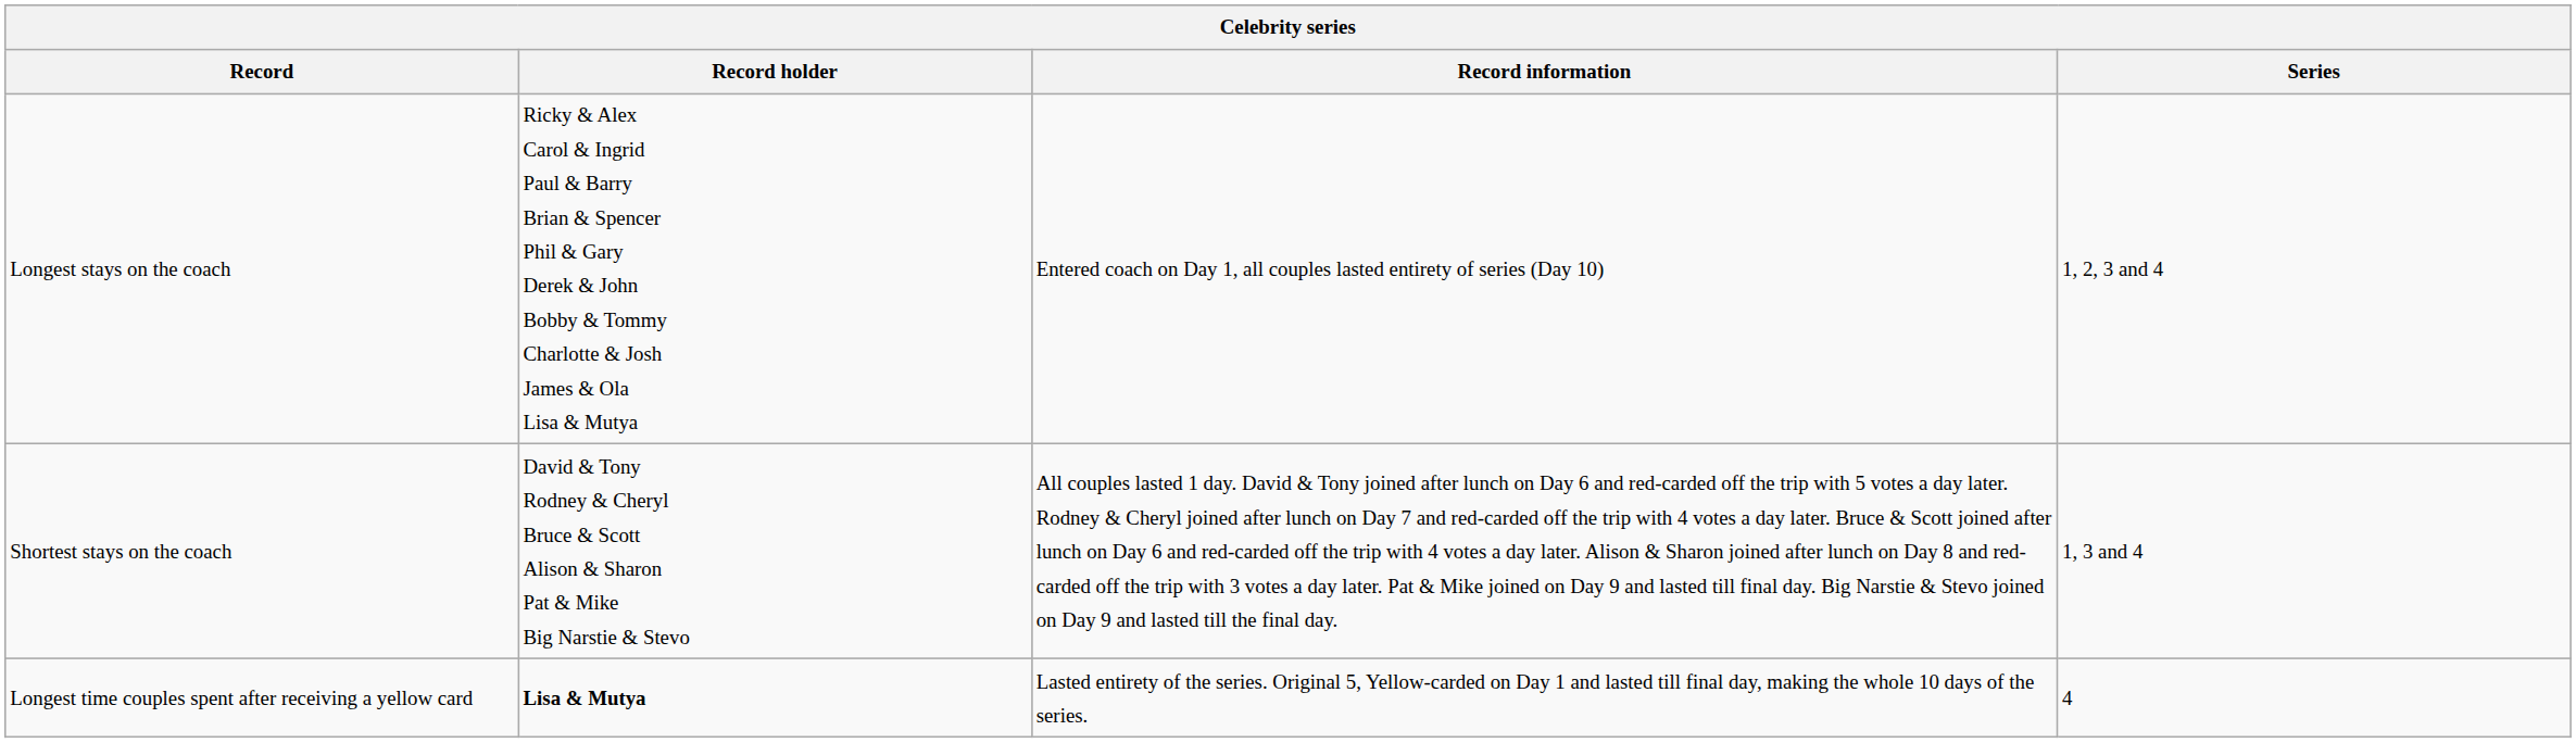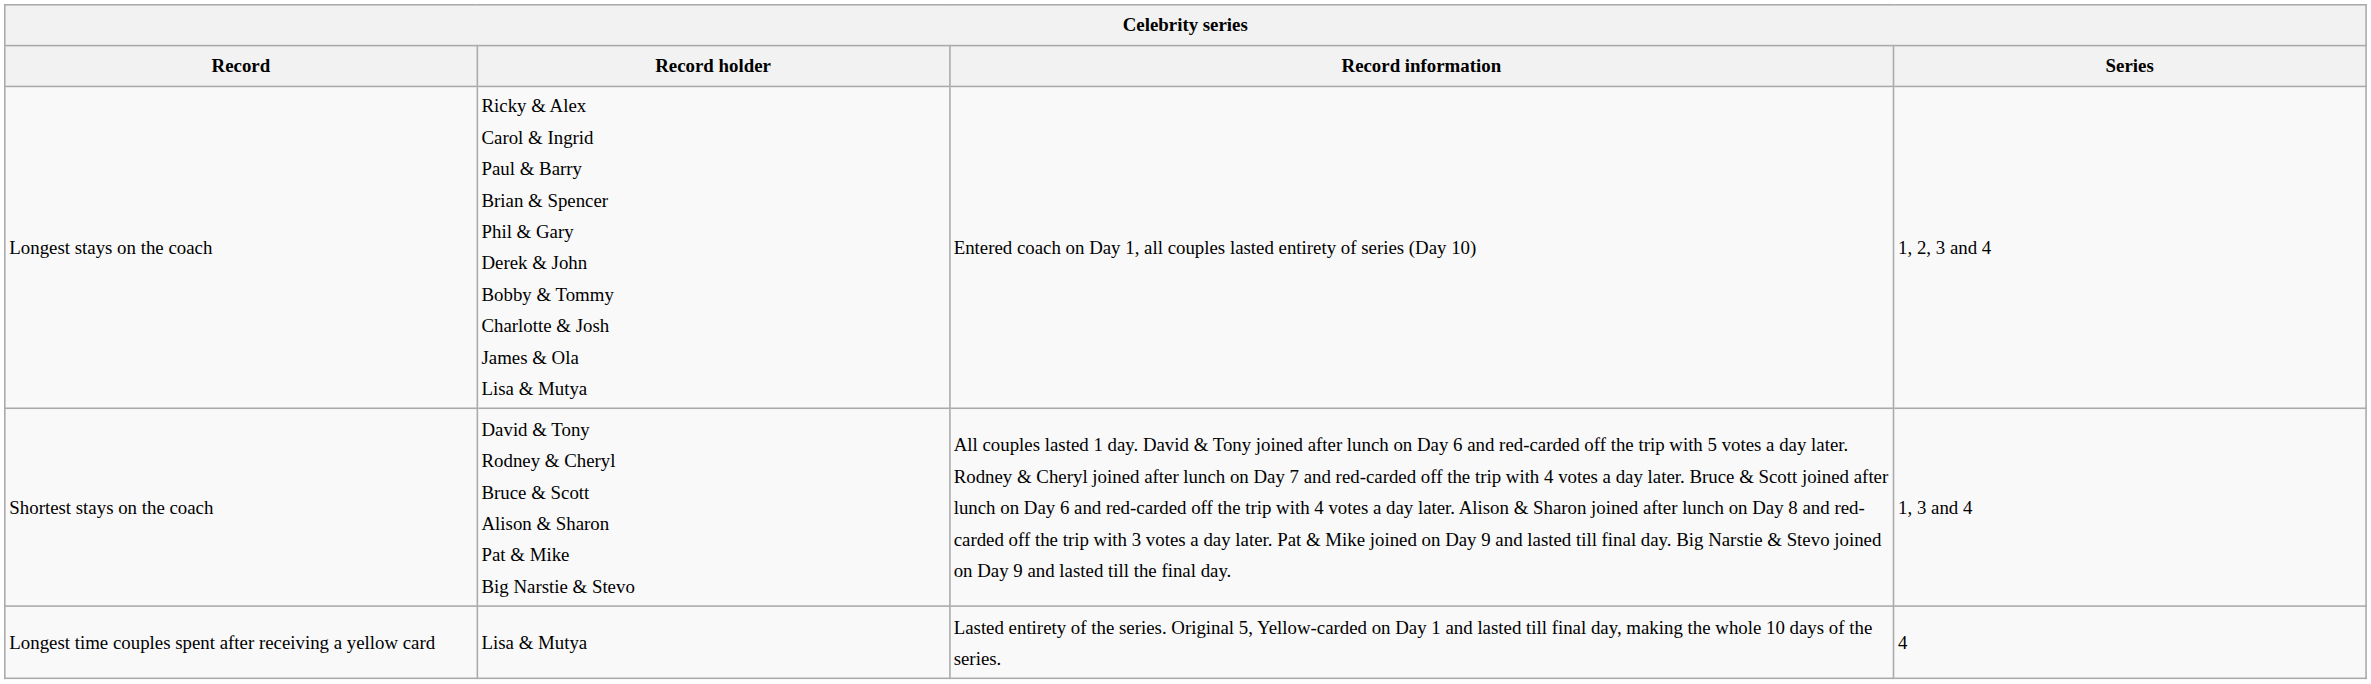 <table class="wikitable collapsible collapsed" style="text-align:left; width:95%; font-size:75%; line-height:20px;">
 <tr>
 <th colspan=4>Celebrity series</th>
 </tr>
 <tr>
 <th style="width: 20%;">Record</th>
 <th style="width: 20%;">Record holder</th>
 <th>Record information</th>
 <th style="width: 20%;">Series</th>
 </tr>
 <tr>
 <td>Longest stays on the coach</td>
 <td>Ricky & Alex<br>Carol & Ingrid<br>Paul & Barry<br>Brian & Spencer<br>Phil & Gary<br>Derek & John<br>Bobby & Tommy<br>Charlotte & Josh<br>James & Ola<br>Lisa & Mutya</td>
 <td>Entered coach on Day 1, all couples lasted entirety of series (Day 10)</td>
 <td>1, 2, 3 and 4</td>
 </tr>
 <tr>
 <td>Shortest stays on the coach</td>
 <td>David & Tony<br>Rodney & Cheryl<br>Bruce & Scott<br>Alison & Sharon<br>Pat & Mike<br>Big Narstie & Stevo</td>
 <td>All couples lasted 1 day. David & Tony joined after lunch on Day 6 and red-carded off the trip with 5 votes a day later. Rodney & Cheryl joined after lunch on Day 7 and red-carded off the trip with 4 votes a day later. Bruce & Scott joined after lunch on Day 6 and red-carded off the trip with 4 votes a day later. Alison & Sharon joined after lunch on Day 8 and red-carded off the trip with 3 votes a day later. Pat & Mike joined on Day 9 and lasted till final day. Big Narstie & Stevo joined on Day 9 and lasted till the final day.</td>
 <td>1, 3 and 4</td>
 </tr>
 <tr>
 <td>Longest time couples spent after receiving a yellow card</td>
-<td><strong>Lisa & Mutya</strong></td>
+<td>Lisa & Mutya</td>
 <td>Lasted entirety of the series. Original 5, Yellow-carded on Day 1 and lasted till final day, making the whole 10 days of the series.</td>
 <td>4</td>
 </tr>
 </table>
